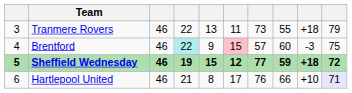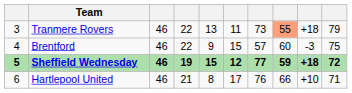 <table class="wikitable" style="text-align:center">
 <tr>
 <th width="30"></th>
 <th width="175">Team</th>
 <th width="30"></th>
 <th width="30"></th>
 <th width="30"></th>
 <th width="30"></th>
 <th width="30"></th>
 <th width="30"></th>
 <th width="30"></th>
 <th width="30"></th>
 </tr>
 <tr>
 <td>3</td>
 <td align=left><a href='#'>Tranmere Rovers</a></td>
 <td>46</td>
 <td>22</td>
 <td>13</td>
 <td>11</td>
 <td>73</td>
-<td>55</td>
+<td style="background: lightsalmon;">55</td>
 <td>+18</td>
 <td>79</td>
 </tr>
 <tr>
 <td>4</td>
 <td align=left><a href='#'>Brentford</a></td>
 <td>46</td>
-<td style="background: paleturquoise;">22</td>
+<td>22</td>
 <td>9</td>
-<td style="background: pink;">15</td>
+<td>15</td>
 <td>57</td>
 <td>60</td>
 <td>-3</td>
 <td>75</td>
 </tr>
 <tr bgcolor=#ADDFAD>
 <td><strong>5</strong></td>
 <td align=left><strong><a href='#'>Sheffield Wednesday</a></strong></td>
 <td><strong>46</strong></td>
 <td><strong>19</strong></td>
 <td><strong>15</strong></td>
 <td><strong>12</strong></td>
 <td><strong>77</strong></td>
 <td><strong>59</strong></td>
 <td><strong>+18</strong></td>
 <td><strong>72</strong></td>
 </tr>
 <tr>
 <td>6</td>
 <td align=left><a href='#'>Hartlepool United</a></td>
 <td>46</td>
 <td>21</td>
 <td>8</td>
 <td>17</td>
 <td>76</td>
 <td>66</td>
 <td>+10</td>
-<td style="background: lavender;">71</td>
+<td>71</td>
 </tr>
 </table>
